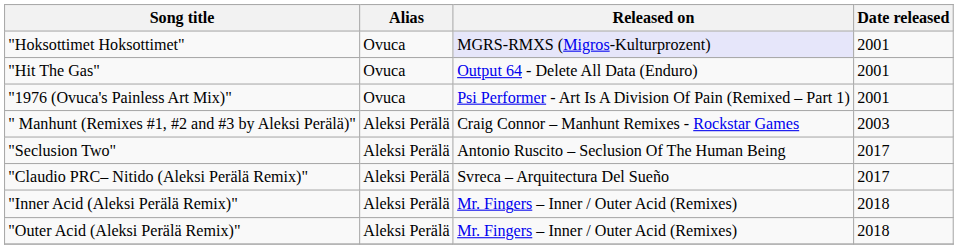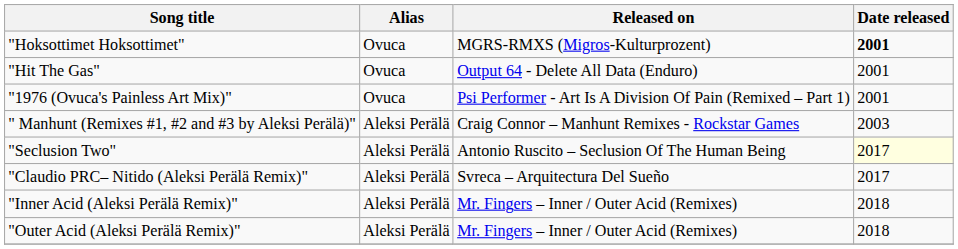 <table class="wikitable sortable" style="font-size: 95%">
 <tr>
 <th align="left">Song title</th>
 <th align="left">Alias</th>
 <th align="left">Released on</th>
 <th align="left">Date released</th>
 </tr>
 <tr>
 <td align="left">"Hoksottimet Hoksottimet"</td>
 <td align="left">Ovuca</td>
-<td align="left" style="background: lavender;">MGRS-RMXS (<a href='#'>Migros</a>-Kulturprozent)</td>
-<td align="left">2001</td>
+<td align="left">MGRS-RMXS (<a href='#'>Migros</a>-Kulturprozent)</td>
+<td align="left"><strong>2001</strong></td>
 </tr>
 <tr>
 <td align="left">"Hit The Gas"</td>
 <td align="left">Ovuca</td>
 <td align="left"><a href='#'>Output 64</a> - Delete All Data (Enduro)</td>
 <td align="left">2001</td>
 </tr>
 <tr>
 <td align="left">"1976 (Ovuca's Painless Art Mix)"</td>
 <td align="left">Ovuca</td>
 <td align="left"><a href='#'>Psi Performer</a> - Art Is A Division Of Pain (Remixed – Part 1)</td>
 <td align="left">2001</td>
 </tr>
 <tr>
 <td align="left">"	Manhunt (Remixes #1, #2 and #3 by Aleksi Perälä)"</td>
 <td align="left">Aleksi Perälä</td>
 <td align="left">Craig Connor – Manhunt Remixes - <a href='#'>Rockstar Games</a></td>
 <td align="left">2003</td>
 </tr>
 <tr>
 <td align="left">"Seclusion Two"</td>
 <td align="left">Aleksi Perälä</td>
 <td align="left">Antonio Ruscito – Seclusion Of The Human Being</td>
-<td align="left">2017</td>
+<td align="left" style="background: lightyellow;">2017</td>
 </tr>
 <tr>
 <td align="left">"Claudio PRC–	Nitido (Aleksi Perälä Remix)"</td>
 <td align="left">Aleksi Perälä</td>
 <td align="left">Svreca – Arquitectura Del Sueño</td>
 <td align="left">2017</td>
 </tr>
 <tr>
 <td align="left">"Inner Acid (Aleksi Perälä Remix)"</td>
 <td align="left">Aleksi Perälä</td>
 <td align="left"><a href='#'>Mr. Fingers</a> – Inner / Outer Acid (Remixes)</td>
 <td align="left">2018</td>
 </tr>
 <tr>
 <td align="left">"Outer Acid (Aleksi Perälä Remix)"</td>
 <td align="left">Aleksi Perälä</td>
 <td align="left"><a href='#'>Mr. Fingers</a> – Inner / Outer Acid (Remixes)</td>
 <td align="left">2018</td>
 </tr>
 <tr>
 </tr>
 </table>
